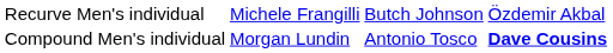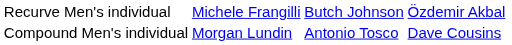 <table>
 <tr>
 <td>Recurve Men's individual<br></td>
 <td> <a href='#'>Michele Frangilli</a></td>
 <td> <a href='#'>Butch Johnson</a></td>
 <td> <a href='#'>Özdemir Akbal</a></td>
 </tr>
 <tr>
 <td>Compound Men's individual<br></td>
 <td> <a href='#'>Morgan Lundin</a></td>
 <td> <a href='#'>Antonio Tosco</a></td>
-<td><strong> <a href='#'>Dave Cousins</a></strong></td>
+<td> <a href='#'>Dave Cousins</a></td>
 </tr>
 </table>
